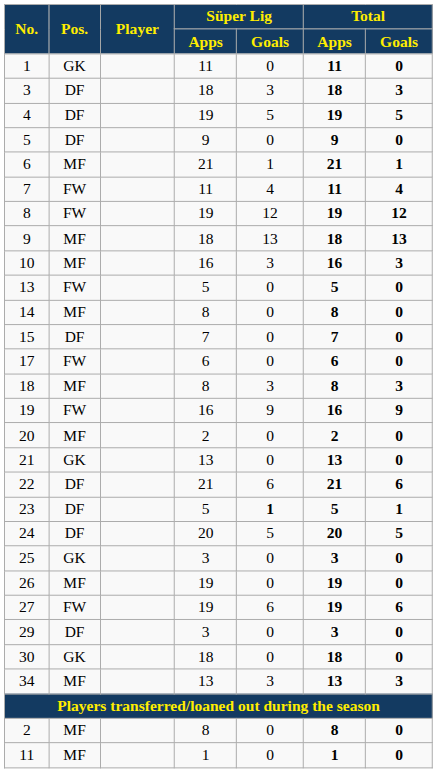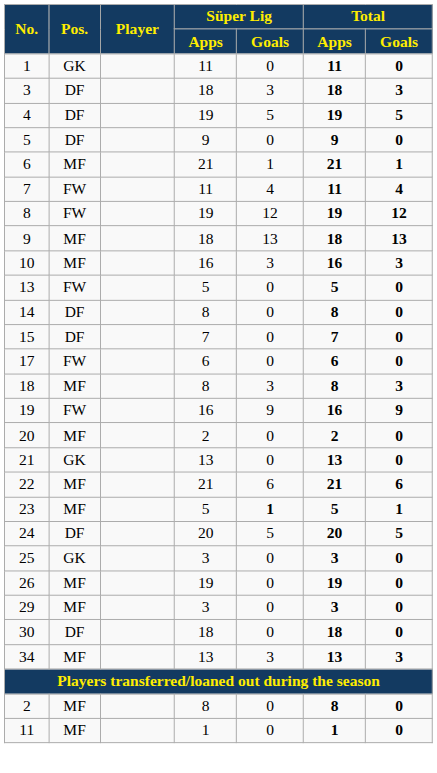 <table class="wikitable sortable" style="text-align:center;width:35%;">
 <tr>
 <th rowspan=2 style="background:#133A61; color:#FFED00; ">No.</th>
 <th rowspan=2 style="background:#133A61; color:#FFED00; ">Pos.</th>
 <th rowspan=2 style="background:#133A61; color:#FFED00; ">Player</th>
 <th colspan=2 style="background:#133A61; color:#FFED00; ">Süper Lig</th>
 <th colspan=2 style="background:#133A61; color:#FFED00; ">Total</th>
 </tr>
 <tr>
 <th style="background:#133A61; color:#FFED00; ">Apps</th>
 <th style="background:#133A61; color:#FFED00; ">Goals</th>
 <th style="background:#133A61; color:#FFED00; ">Apps</th>
 <th style="background:#133A61; color:#FFED00; ">Goals</th>
 </tr>
 <tr>
 <td>1</td>
 <td>GK</td>
 <td align=left> </td>
 <td>11</td>
 <td>0</td>
 <td><strong>11</strong></td>
 <td><strong>0</strong></td>
 </tr>
 <tr>
 <td>3</td>
 <td>DF</td>
 <td align=left> </td>
 <td>18</td>
 <td>3</td>
 <td><strong>18</strong></td>
 <td><strong>3</strong></td>
 </tr>
 <tr>
 <td>4</td>
 <td>DF</td>
 <td align=left> </td>
 <td>19</td>
 <td>5</td>
 <td><strong>19</strong></td>
 <td><strong>5</strong></td>
 </tr>
 <tr>
 <td>5</td>
 <td>DF</td>
 <td align=left> </td>
 <td>9</td>
 <td>0</td>
 <td><strong>9</strong></td>
 <td><strong>0</strong></td>
 </tr>
 <tr>
 <td>6</td>
 <td>MF</td>
 <td align=left> </td>
 <td>21</td>
 <td>1</td>
 <td><strong>21</strong></td>
 <td><strong>1</strong></td>
 </tr>
 <tr>
 <td>7</td>
 <td>FW</td>
 <td align=left> </td>
 <td>11</td>
 <td>4</td>
 <td><strong>11</strong></td>
 <td><strong>4</strong></td>
 </tr>
 <tr>
 <td>8</td>
 <td>FW</td>
 <td align=left> </td>
 <td>19</td>
 <td>12</td>
 <td><strong>19</strong></td>
 <td><strong>12</strong></td>
 </tr>
 <tr>
 <td>9</td>
 <td>MF</td>
 <td align=left> </td>
 <td>18</td>
 <td>13</td>
 <td><strong>18</strong></td>
 <td><strong>13</strong></td>
 </tr>
 <tr>
 <td>10</td>
 <td>MF</td>
 <td align=left> </td>
 <td>16</td>
 <td>3</td>
 <td><strong>16</strong></td>
 <td><strong>3</strong></td>
 </tr>
 <tr>
 <td>13</td>
 <td>FW</td>
 <td align=left> </td>
 <td>5</td>
 <td>0</td>
 <td><strong>5</strong></td>
 <td><strong>0</strong></td>
 </tr>
 <tr>
 <td>14</td>
-<td>MF</td>
+<td>DF</td>
 <td align=left> </td>
 <td>8</td>
 <td>0</td>
 <td><strong>8</strong></td>
 <td><strong>0</strong></td>
 </tr>
 <tr>
 <td>15</td>
 <td>DF</td>
 <td align=left> </td>
 <td>7</td>
 <td>0</td>
 <td><strong>7</strong></td>
 <td><strong>0</strong></td>
 </tr>
 <tr>
 <td>17</td>
 <td>FW</td>
 <td align=left> </td>
 <td>6</td>
 <td>0</td>
 <td><strong>6</strong></td>
 <td><strong>0</strong></td>
 </tr>
 <tr>
 <td>18</td>
 <td>MF</td>
 <td align=left> </td>
 <td>8</td>
 <td>3</td>
 <td><strong>8</strong></td>
 <td><strong>3</strong></td>
 </tr>
 <tr>
 <td>19</td>
 <td>FW</td>
 <td align=left> </td>
 <td>16</td>
 <td>9</td>
 <td><strong>16</strong></td>
 <td><strong>9</strong></td>
 </tr>
 <tr>
 <td>20</td>
 <td>MF</td>
 <td align=left> </td>
 <td>2</td>
 <td>0</td>
 <td><strong>2</strong></td>
 <td><strong>0</strong></td>
 </tr>
 <tr>
 <td>21</td>
 <td>GK</td>
 <td align=left> </td>
 <td>13</td>
 <td>0</td>
 <td><strong>13</strong></td>
 <td><strong>0</strong></td>
 </tr>
 <tr>
 <td>22</td>
-<td>DF</td>
+<td>MF</td>
 <td align=left> </td>
 <td>21</td>
 <td>6</td>
 <td><strong>21</strong></td>
 <td><strong>6</strong></td>
 </tr>
 <tr>
 <td>23</td>
-<td>DF</td>
+<td>MF</td>
 <td align=left> </td>
 <td>5</td>
 <td><strong>1</strong></td>
 <td><strong>5</strong></td>
 <td><strong>1</strong></td>
 </tr>
 <tr>
 <td>24</td>
 <td>DF</td>
 <td align=left> </td>
 <td>20</td>
 <td>5</td>
 <td><strong>20</strong></td>
 <td><strong>5</strong></td>
 </tr>
 <tr>
 <td>25</td>
 <td>GK</td>
 <td align=left> </td>
 <td>3</td>
 <td>0</td>
 <td><strong>3</strong></td>
 <td><strong>0</strong></td>
 </tr>
 <tr>
 <td>26</td>
 <td>MF</td>
 <td align=left> </td>
 <td>19</td>
 <td>0</td>
 <td><strong>19</strong></td>
 <td><strong>0</strong></td>
 </tr>
 <tr>
-<td>27</td>
-<td>FW</td>
-<td align=left> </td>
-<td>19</td>
-<td>6</td>
-<td><strong>19</strong></td>
-<td><strong>6</strong></td>
-</tr>
-<tr>
 <td>29</td>
-<td>DF</td>
+<td>MF</td>
 <td align=left> </td>
 <td>3</td>
 <td>0</td>
 <td><strong>3</strong></td>
 <td><strong>0</strong></td>
 </tr>
 <tr>
 <td>30</td>
-<td>GK</td>
+<td>DF</td>
 <td align=left> </td>
 <td>18</td>
 <td>0</td>
 <td><strong>18</strong></td>
 <td><strong>0</strong></td>
 </tr>
 <tr>
 <td>34</td>
 <td>MF</td>
 <td align=left> </td>
 <td>13</td>
 <td>3</td>
 <td><strong>13</strong></td>
 <td><strong>3</strong></td>
 </tr>
 <tr>
 <th colspan=7 style="background:#133A61; color:#FFED00; ">Players transferred/loaned out during the season</th>
 </tr>
 <tr>
 <td>2</td>
 <td>MF</td>
 <td align=left> </td>
 <td>8</td>
 <td>0</td>
 <td><strong>8</strong></td>
 <td><strong>0</strong></td>
 </tr>
 <tr>
 <td>11</td>
 <td>MF</td>
 <td align=left> </td>
 <td>1</td>
 <td>0</td>
 <td><strong>1</strong></td>
 <td><strong>0</strong></td>
 </tr>
 </table>
